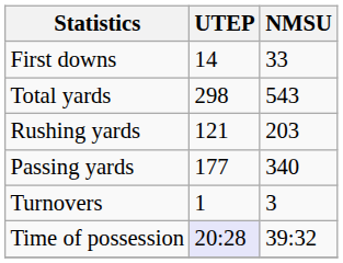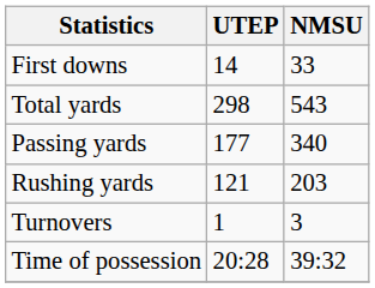 <table class="wikitable" style="float: left;">
 <tr>
 <th>Statistics</th>
 <th>UTEP</th>
 <th>NMSU</th>
 </tr>
 <tr>
 <td>First downs</td>
 <td>14</td>
 <td>33</td>
 </tr>
 <tr>
 <td>Total yards</td>
 <td>298</td>
 <td>543</td>
 </tr>
 <tr>
+<td>Passing yards</td>
+<td>177</td>
+<td>340</td>
+</tr>
+<tr>
 <td>Rushing yards</td>
 <td>121</td>
 <td>203</td>
-</tr>
-<tr>
-<td>Passing yards</td>
-<td>177</td>
-<td>340</td>
 </tr>
 <tr>
 <td>Turnovers</td>
 <td>1</td>
 <td>3</td>
 </tr>
 <tr>
 <td>Time of possession</td>
-<td style="background: lavender;">20:28</td>
+<td>20:28</td>
 <td>39:32</td>
 </tr>
 <tr>
 </tr>
 </table>
